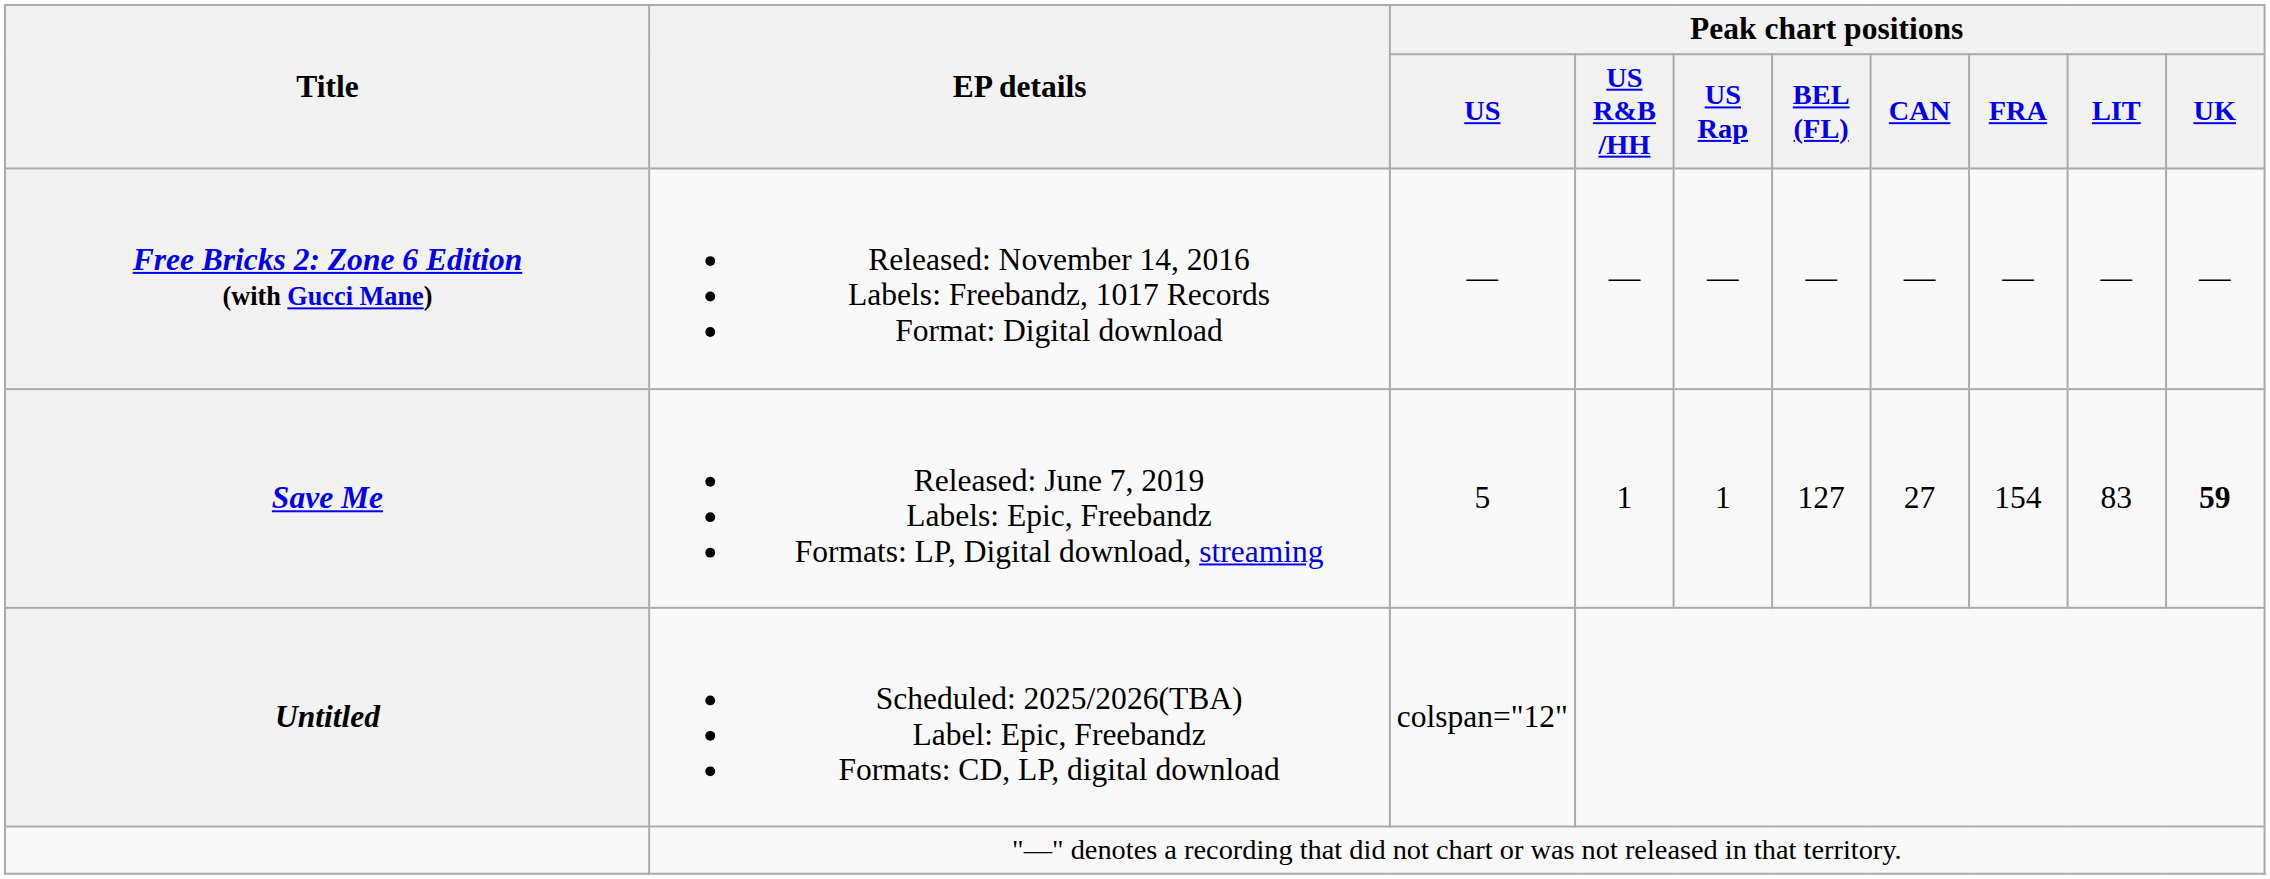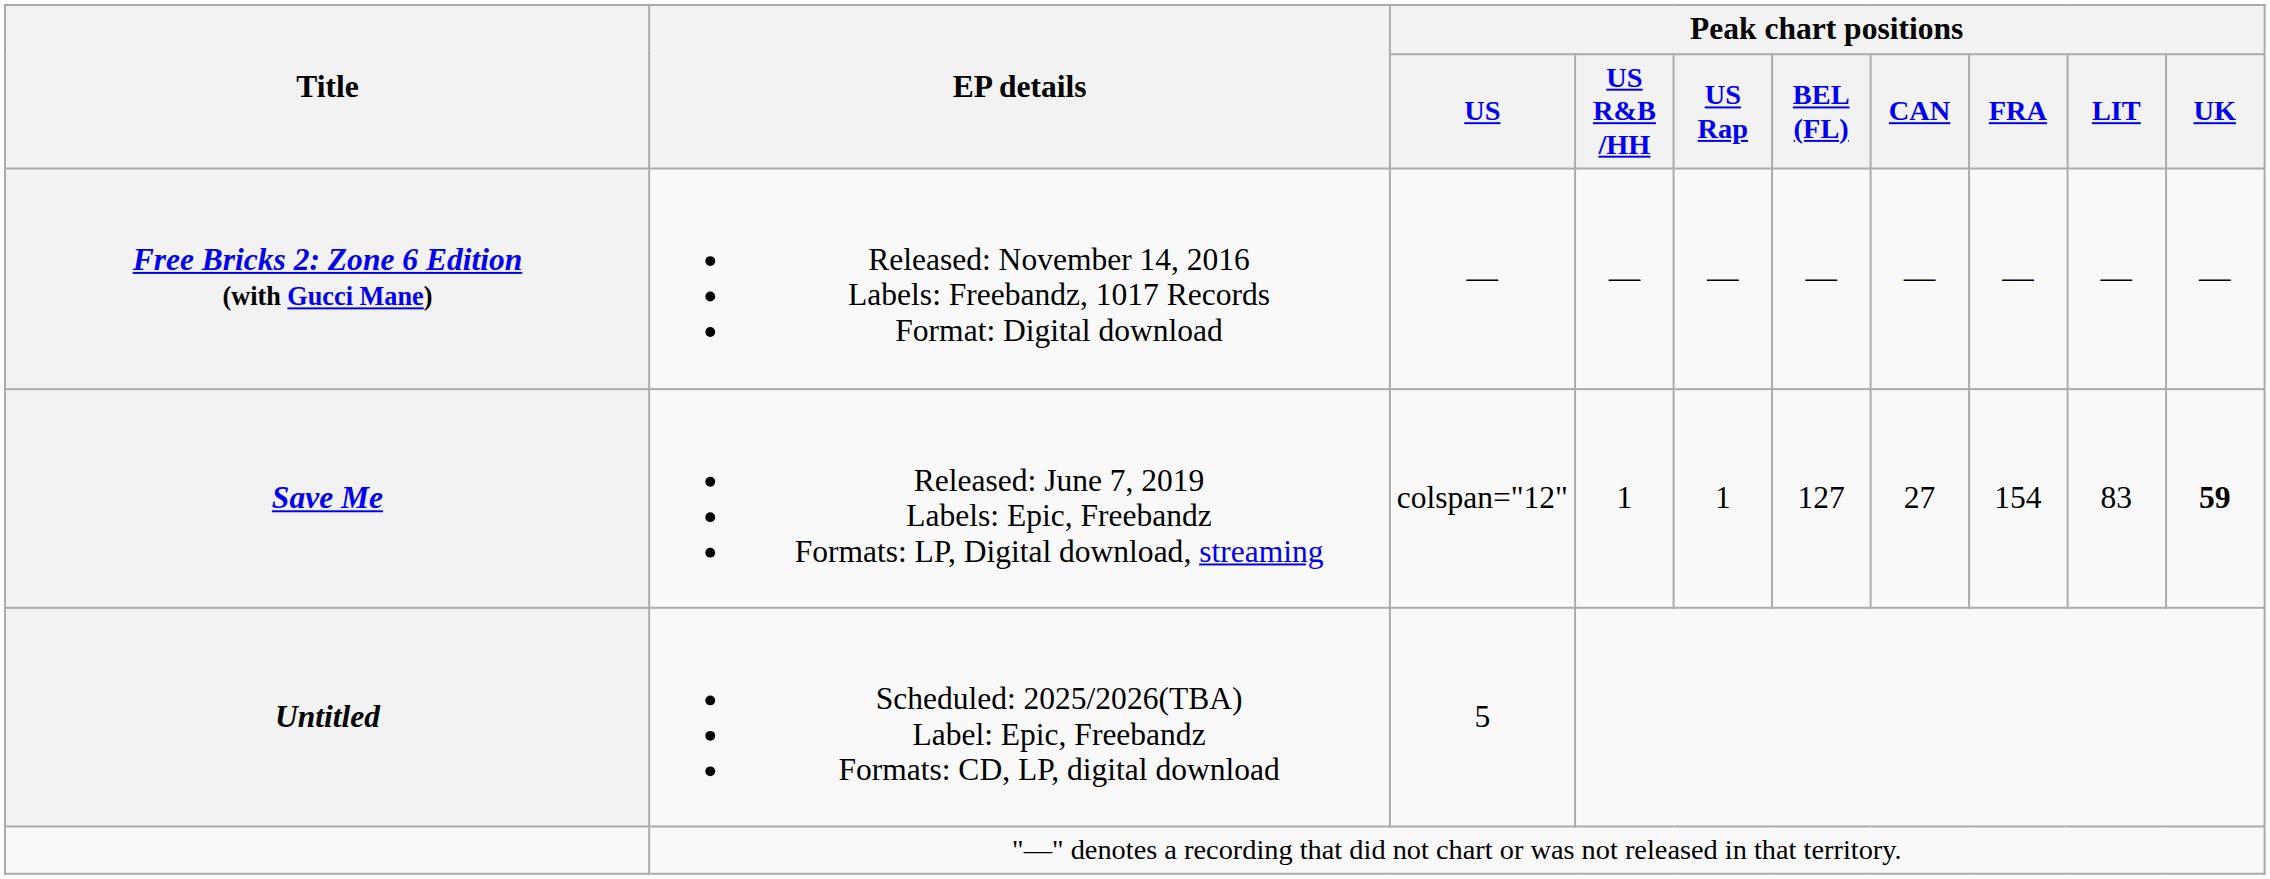 <table class="wikitable plainrowheaders" style="text-align:center;">
 <tr>
 <th scope="col" rowspan="2" style="width:20em;">Title</th>
 <th scope="col" rowspan="2" style="width:23em;">EP details</th>
 <th scope="col" colspan="8">Peak chart positions</th>
 </tr>
 <tr>
 <th scope="col" style="width:3em;font-size:90%;"><a href='#'>US</a><br></th>
 <th scope="col" style="width:3em;font-size:90%;"><a href='#'>US<br>R&B<br>/HH</a><br></th>
 <th scope="col" style="width:3em;font-size:90%;"><a href='#'>US<br>Rap</a><br></th>
 <th scope="col" style="width:3em;font-size:90%;"><a href='#'>BEL<br>(FL)</a><br></th>
 <th scope="col" style="width:3em;font-size:90%;"><a href='#'>CAN</a><br></th>
 <th scope="col" style="width:3em;font-size:90%;"><a href='#'>FRA</a><br></th>
 <th scope="col" style="width:3em;font-size:90%;"><a href='#'>LIT</a><br></th>
 <th scope="col" style="width:3em;font-size:90%;"><a href='#'>UK</a><br></th>
 </tr>
 <tr>
 <th scope="row"><em><a href='#'>Free Bricks 2: Zone 6 Edition</a></em><br><small>(with <a href='#'>Gucci Mane</a>)</small></th>
 <td><br><ul><li>Released: November 14, 2016</li><li>Labels: Freebandz, 1017 Records</li><li>Format: Digital download</li></ul></td>
 <td>—</td>
 <td>—</td>
 <td>—</td>
 <td>—</td>
 <td>—</td>
 <td>—</td>
 <td>—</td>
 <td>—</td>
 </tr>
 <tr>
 <th scope="row"><em><a href='#'>Save Me</a></em></th>
 <td><br><ul><li>Released: June 7, 2019</li><li>Labels: Epic, Freebandz</li><li>Formats: LP, Digital download, <a href='#'>streaming</a></li></ul></td>
-<td>5</td>
+<td>colspan="12" </td>
 <td>1</td>
 <td>1</td>
 <td>127</td>
 <td>27</td>
 <td>154</td>
 <td>83</td>
 <td><strong>59</strong></td>
 </tr>
 <tr>
 <th scope="row"><em>Untitled</em></th>
 <td><br><ul><li>Scheduled: 2025/2026(TBA)</li><li>Label: Epic, Freebandz</li><li>Formats: CD, LP, digital download</li></ul></td>
-<td>colspan="12" </td>
+<td>5</td>
 </tr>
 <tr>
 <td></td>
 <td colspan="10" style="font-size:90%">"—" denotes a recording that did not chart or was not released in that territory.</td>
 </tr>
 </table>
